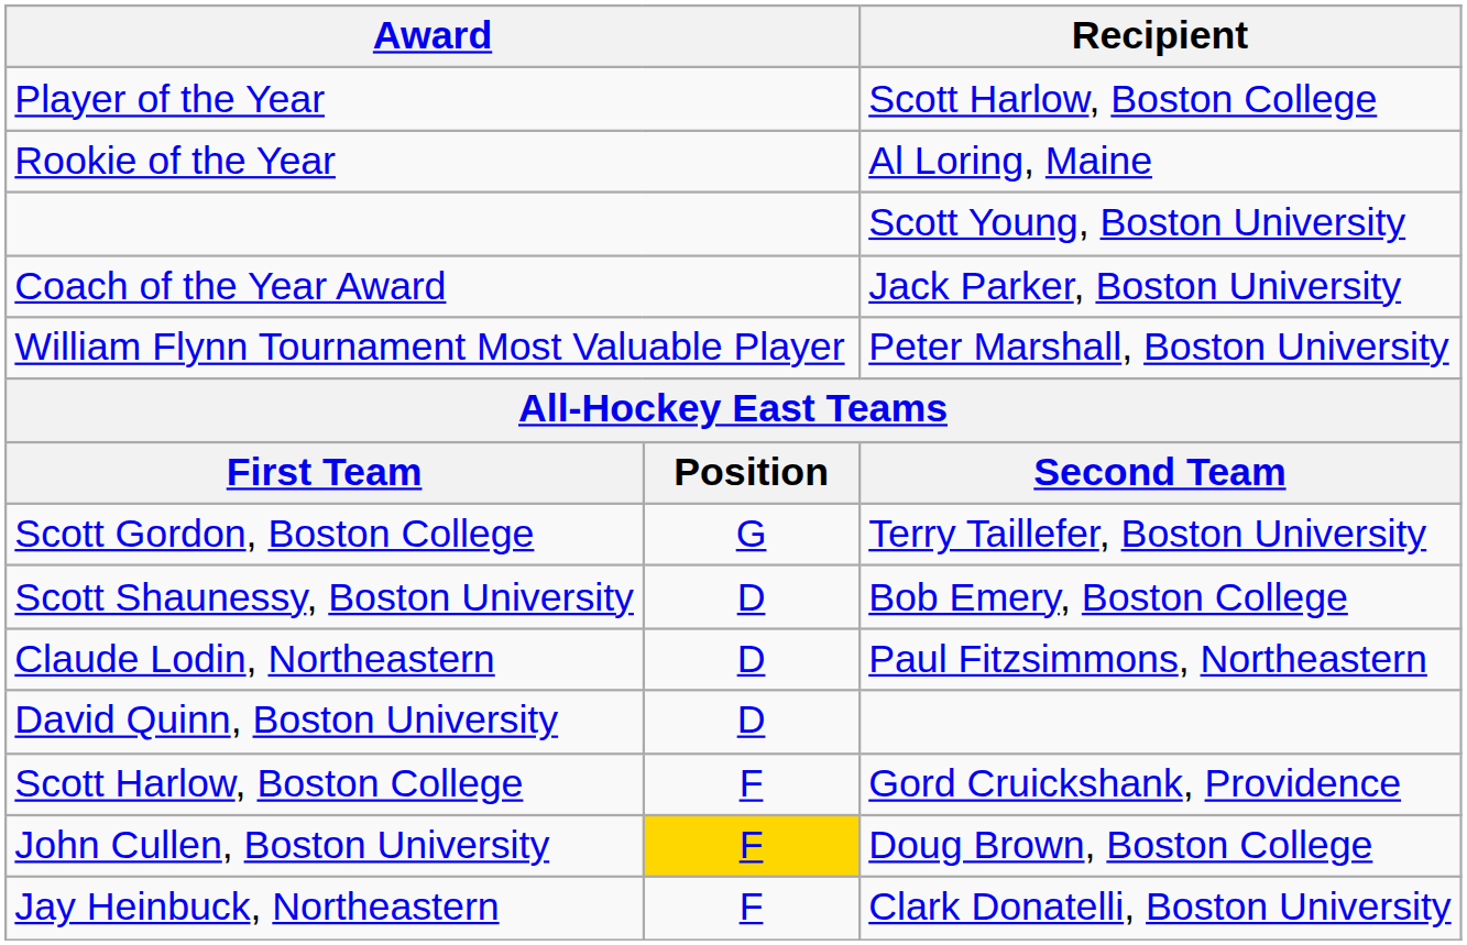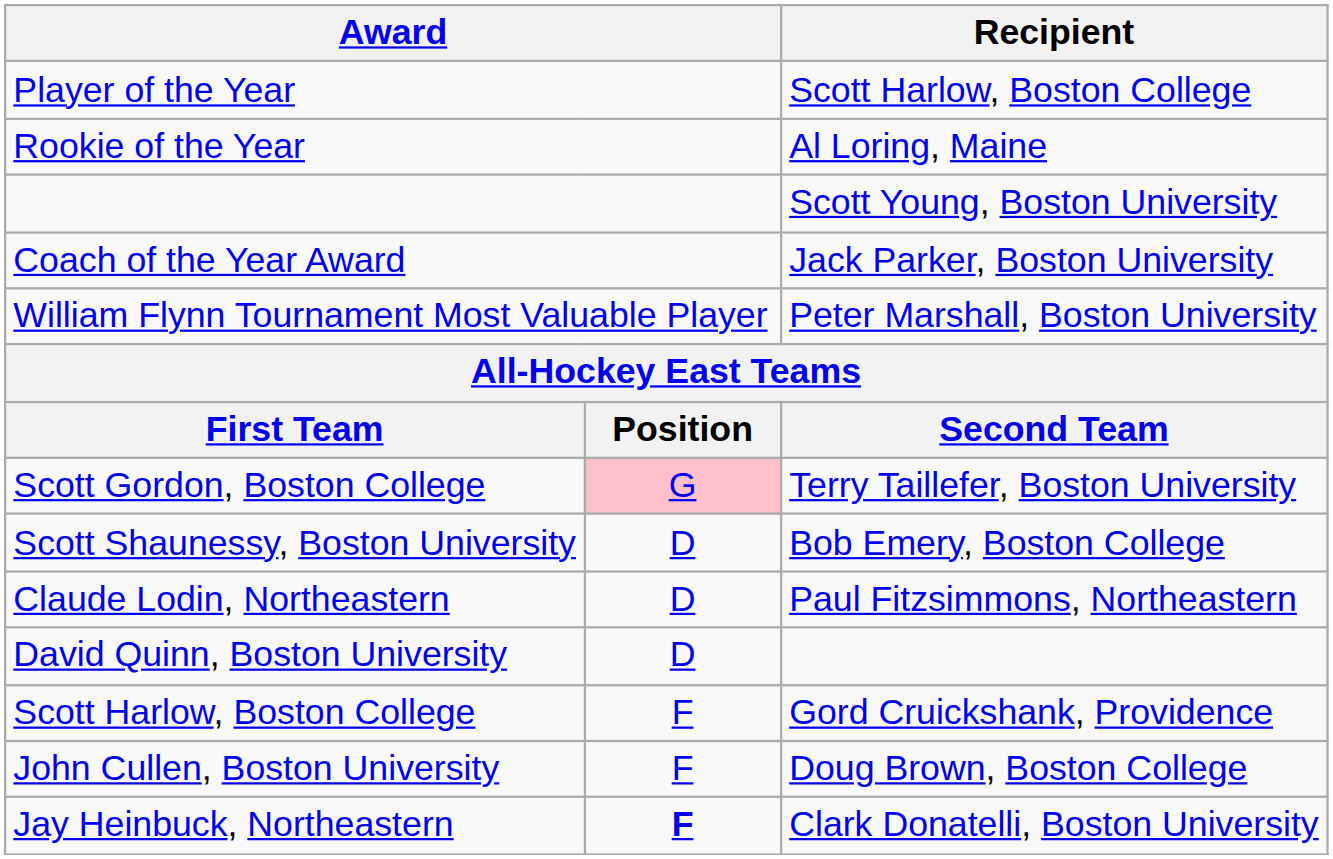 <table class="wikitable">
 <tr>
 <th colspan=2><a href='#'>Award</a></th>
 <th>Recipient</th>
 </tr>
 <tr>
 <td colspan=2><a href='#'>Player of the Year</a></td>
 <td><a href='#'>Scott Harlow</a>, <a href='#'>Boston College</a></td>
 </tr>
 <tr>
 <td colspan=2><a href='#'>Rookie of the Year</a></td>
 <td><a href='#'>Al Loring</a>, <a href='#'>Maine</a></td>
 </tr>
 <tr>
 <td colspan=2></td>
 <td><a href='#'>Scott Young</a>, <a href='#'>Boston University</a></td>
 </tr>
 <tr>
 <td colspan=2><a href='#'>Coach of the Year Award</a></td>
 <td><a href='#'>Jack Parker</a>, <a href='#'>Boston University</a></td>
 </tr>
 <tr>
 <td colspan=2><a href='#'>William Flynn Tournament Most Valuable Player</a></td>
 <td><a href='#'>Peter Marshall</a>, <a href='#'>Boston University</a></td>
 </tr>
 <tr>
 <th colspan=3><a href='#'>All-Hockey East Teams</a></th>
 </tr>
 <tr>
 <th><a href='#'>First Team</a></th>
 <th>  Position  </th>
 <th><a href='#'>Second Team</a></th>
 </tr>
 <tr>
 <td><a href='#'>Scott Gordon</a>, <a href='#'>Boston College</a></td>
-<td align=center><a href='#'>G</a></td>
+<td align=center style="background: pink;"><a href='#'>G</a></td>
 <td><a href='#'>Terry Taillefer</a>, <a href='#'>Boston University</a></td>
 </tr>
 <tr>
 <td><a href='#'>Scott Shaunessy</a>, <a href='#'>Boston University</a></td>
 <td align=center><a href='#'>D</a></td>
 <td><a href='#'>Bob Emery</a>, <a href='#'>Boston College</a></td>
 </tr>
 <tr>
 <td><a href='#'>Claude Lodin</a>, <a href='#'>Northeastern</a></td>
 <td align=center><a href='#'>D</a></td>
 <td><a href='#'>Paul Fitzsimmons</a>, <a href='#'>Northeastern</a></td>
 </tr>
 <tr>
 <td><a href='#'>David Quinn</a>, <a href='#'>Boston University</a></td>
 <td align=center><a href='#'>D</a></td>
 <td></td>
 </tr>
 <tr>
 <td><a href='#'>Scott Harlow</a>, <a href='#'>Boston College</a></td>
 <td align=center><a href='#'>F</a></td>
 <td><a href='#'>Gord Cruickshank</a>, <a href='#'>Providence</a></td>
 </tr>
 <tr>
 <td><a href='#'>John Cullen</a>, <a href='#'>Boston University</a></td>
-<td align=center style="background: gold;"><a href='#'>F</a></td>
+<td align=center><a href='#'>F</a></td>
 <td><a href='#'>Doug Brown</a>, <a href='#'>Boston College</a></td>
 </tr>
 <tr>
 <td><a href='#'>Jay Heinbuck</a>, <a href='#'>Northeastern</a></td>
-<td align=center><a href='#'>F</a></td>
+<td align=center><strong><a href='#'>F</a></strong></td>
 <td><a href='#'>Clark Donatelli</a>, <a href='#'>Boston University</a></td>
 </tr>
 <tr>
 </tr>
 </table>
